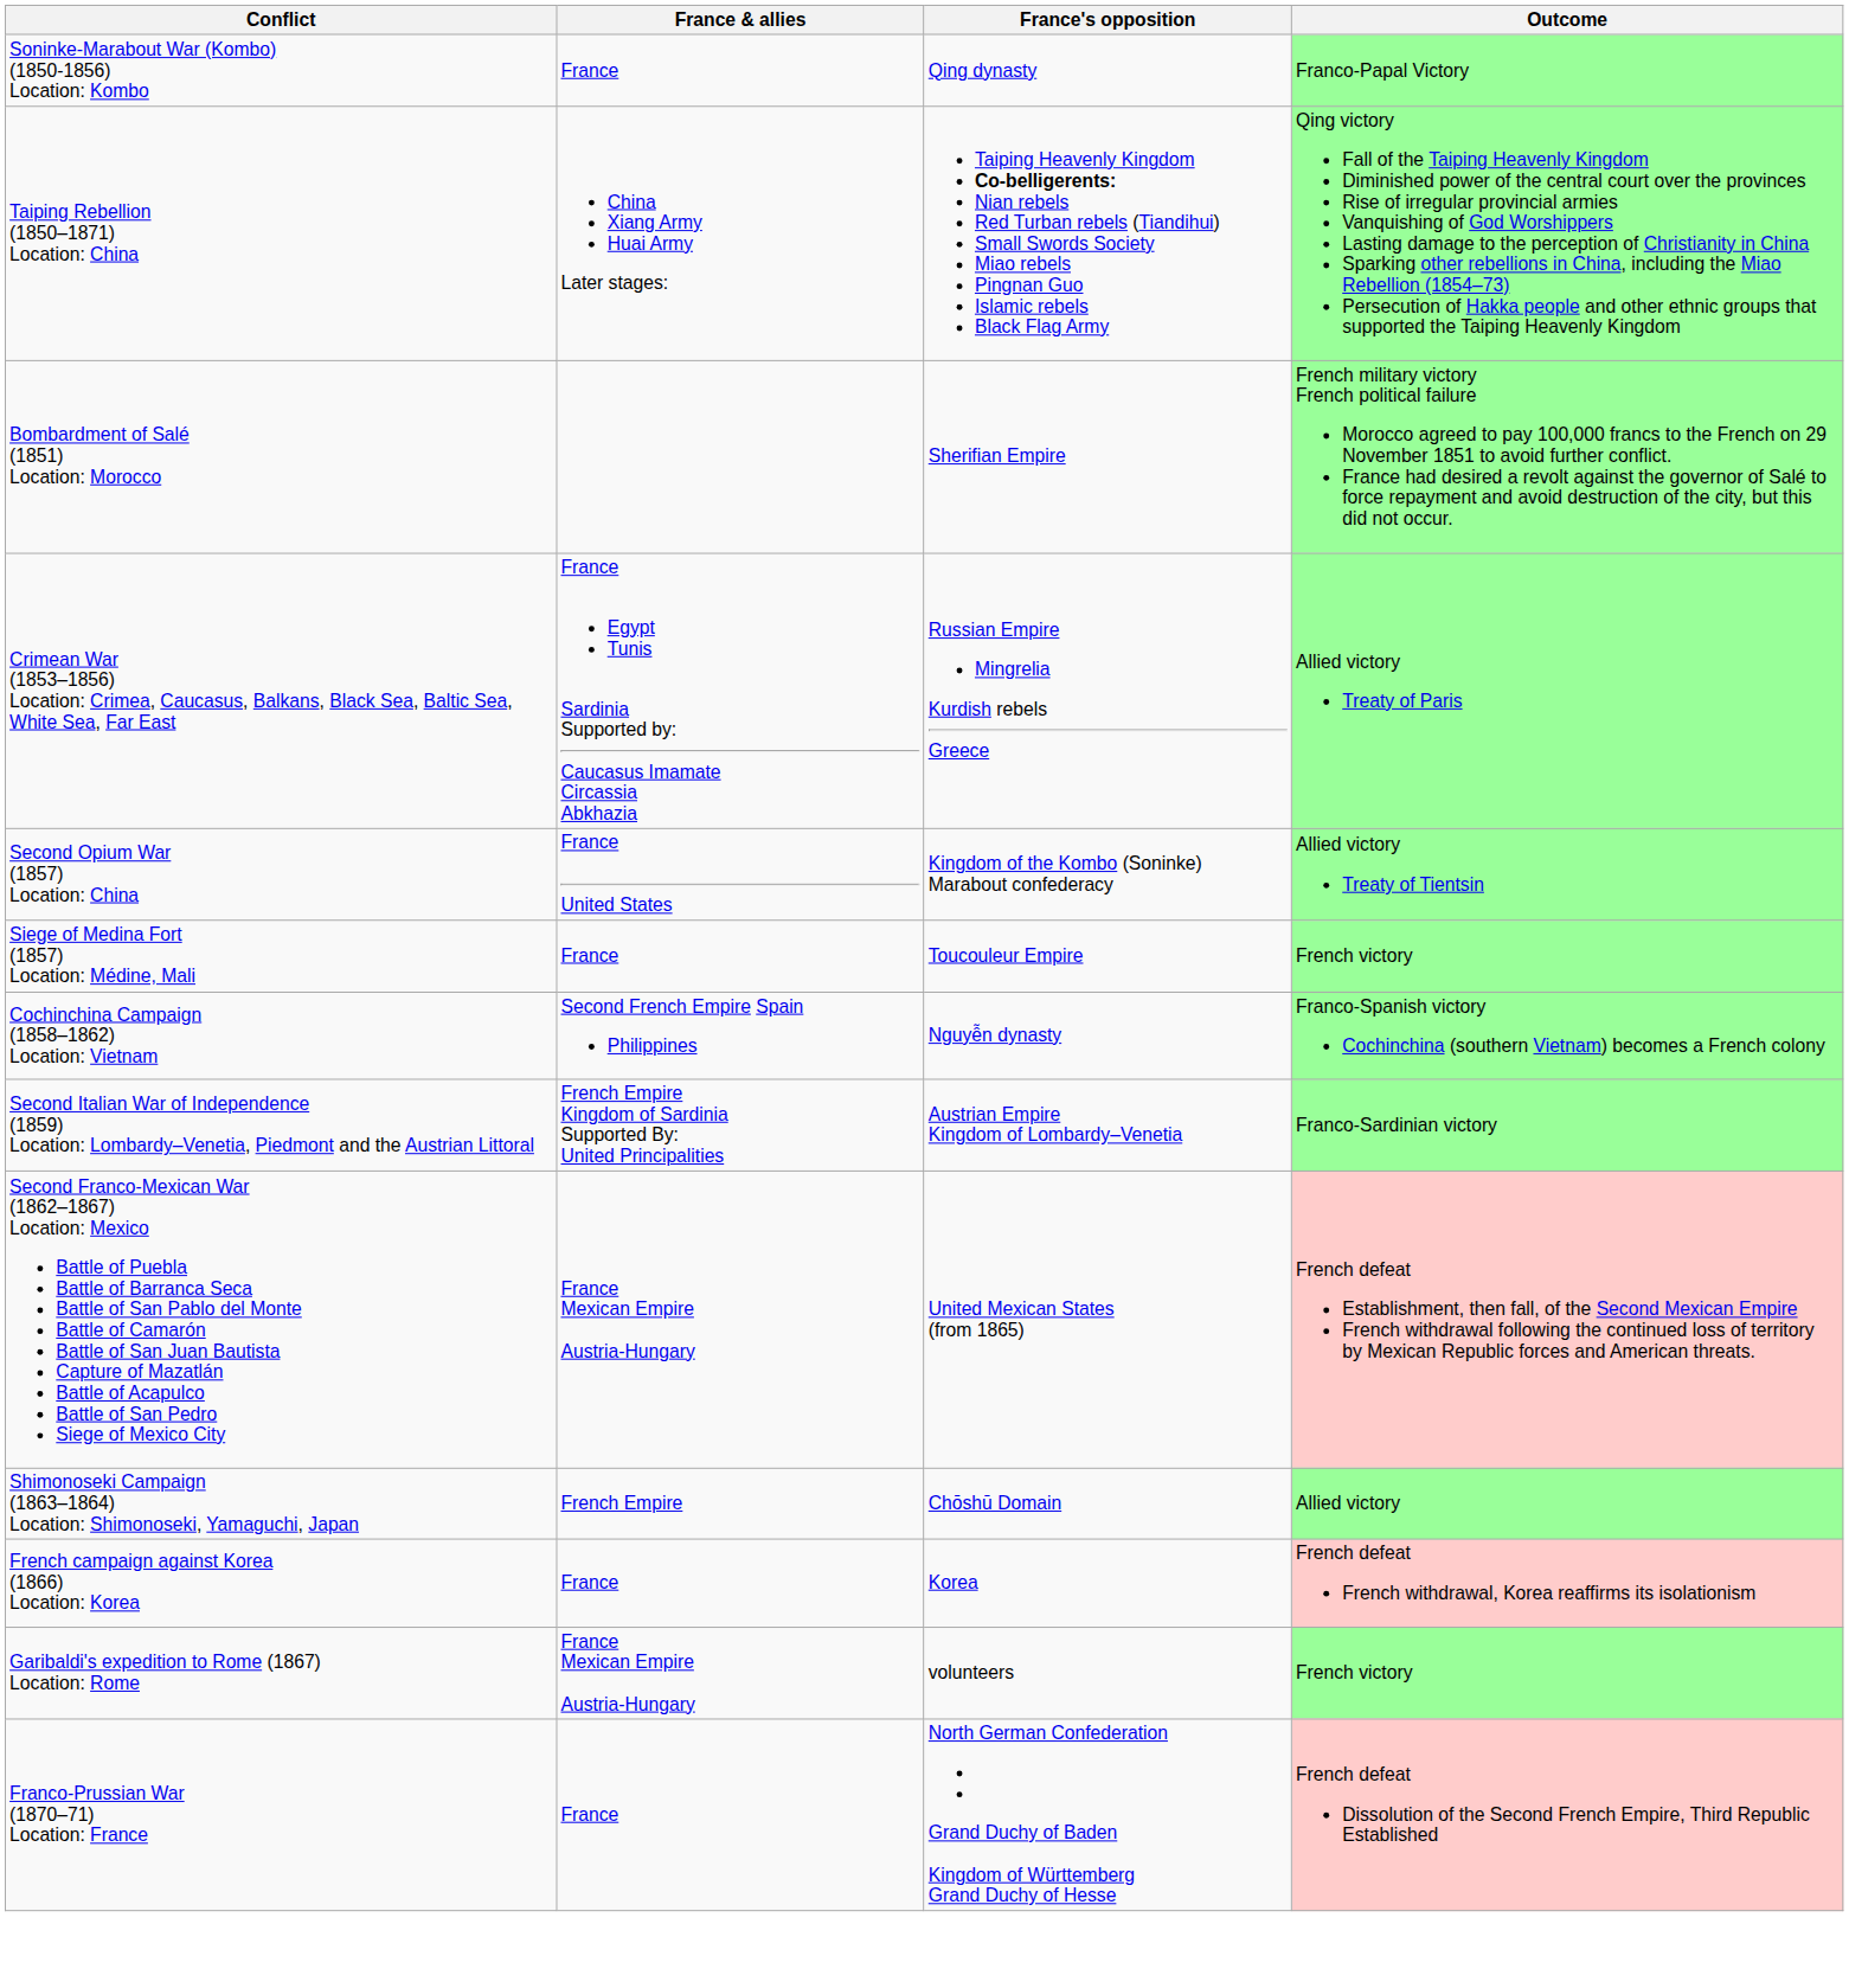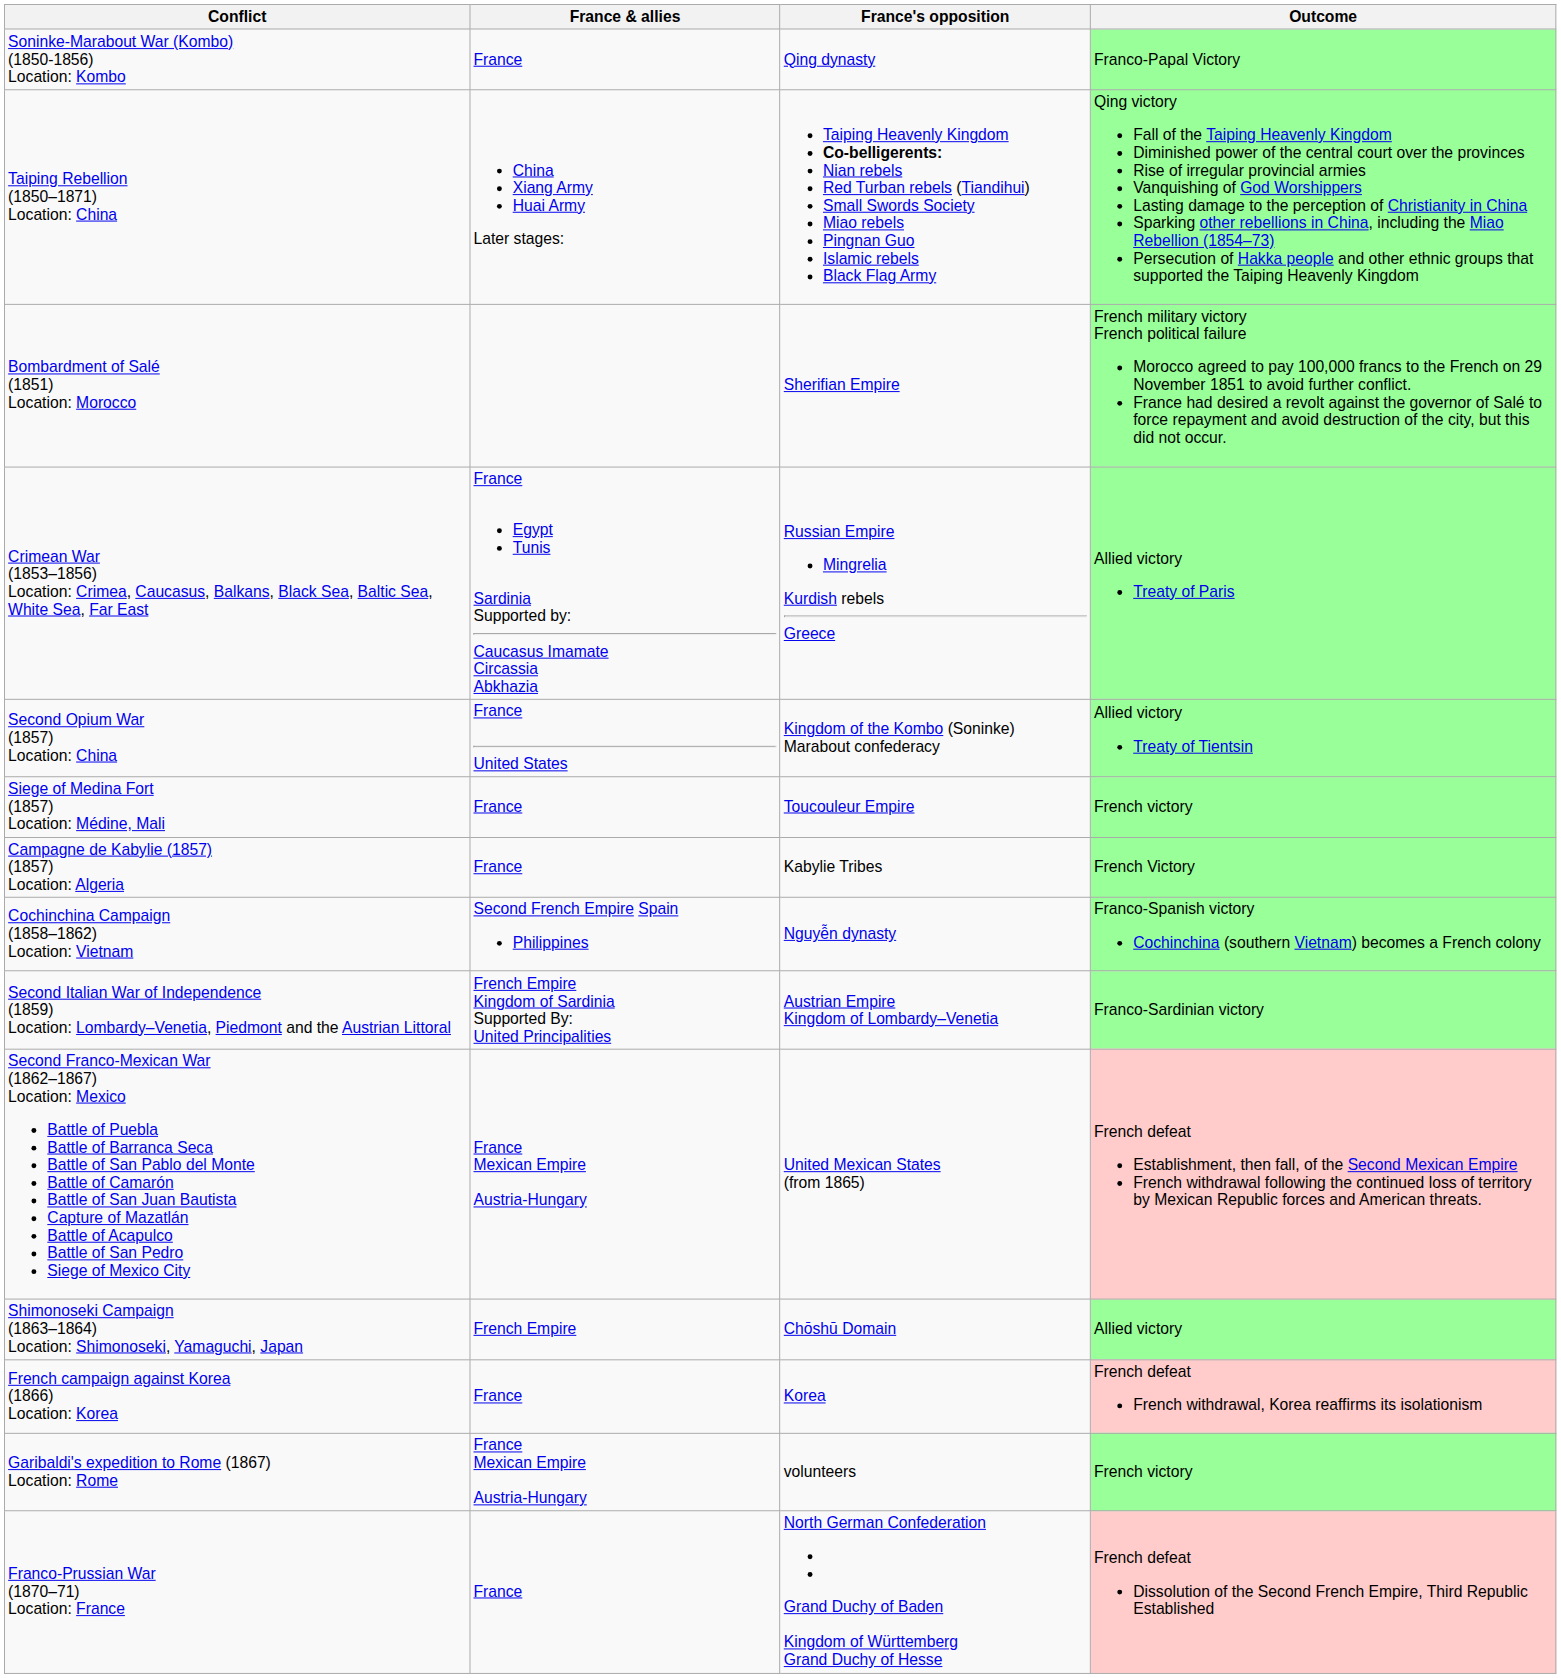 <table class="wikitable sortable" width="100%">
 <tr>
 <th width=30%>Conflict</th>
 <th width=20%>France & allies</th>
 <th width=20%>France's opposition</th>
 <th width=30%>Outcome</th>
 </tr>
 <tr>
 <td><a href='#'>Soninke-Marabout War (Kombo)</a><br>(1850-1856)<br>Location: <a href='#'>Kombo</a></td>
 <td> <a href='#'>France</a></td>
 <td> <a href='#'>Qing dynasty</a></td>
 <td style="background:#99ff99">Franco-Papal Victory</td>
 </tr>
 <tr>
 <td><a href='#'>Taiping Rebellion</a><br>(1850–1871)<br>Location: <a href='#'>China</a></td>
 <td><br><ul><li> <a href='#'>China</a></li><li><a href='#'>Xiang Army</a></li><li><a href='#'>Huai Army</a></li></ul>Later stages:<br> <br> </td>
 <td><br><ul><li><a href='#'>Taiping Heavenly Kingdom</a></li><li><strong>Co-belligerents:</strong></li><li><a href='#'>Nian rebels</a></li><li><a href='#'>Red Turban rebels</a> (<a href='#'>Tiandihui</a>)</li><li><a href='#'>Small Swords Society</a></li><li><a href='#'>Miao rebels</a></li><li><a href='#'>Pingnan Guo</a></li><li><a href='#'>Islamic rebels</a></li><li><a href='#'>Black Flag Army</a></li></ul></td>
 <td style="background:#99ff99">Qing victory<br><ul><li>Fall of the <a href='#'>Taiping Heavenly Kingdom</a></li><li>Diminished power of the central court over the provinces</li><li>Rise of irregular provincial armies</li><li>Vanquishing of <a href='#'>God Worshippers</a></li><li>Lasting damage to the perception of <a href='#'>Christianity in China</a></li><li>Sparking <a href='#'>other rebellions in China</a>, including the <a href='#'>Miao Rebellion (1854–73)</a></li><li>Persecution of <a href='#'>Hakka people</a> and other ethnic groups that supported the Taiping Heavenly Kingdom</li></ul></td>
 </tr>
 <tr>
 <td><a href='#'>Bombardment of Salé</a><br>(1851)<br>Location: <a href='#'>Morocco</a></td>
 <td></td>
 <td> <a href='#'>Sherifian Empire</a></td>
 <td style="background:#99ff99">French military victory<br>French political failure<br><ul><li>Morocco agreed to pay 100,000 francs to the French on 29 November 1851 to avoid further conflict.</li><li>France had desired a revolt against the governor of Salé to force repayment and avoid destruction of the city, but this did not occur.</li></ul></td>
 </tr>
 <tr>
 <td><a href='#'>Crimean War</a><br>(1853–1856)<br>Location: <a href='#'>Crimea</a>, <a href='#'>Caucasus</a>, <a href='#'>Balkans</a>, <a href='#'>Black Sea</a>, <a href='#'>Baltic Sea</a>, <a href='#'>White Sea</a>, <a href='#'>Far East</a></td>
 <td> <a href='#'>France</a><br><br><ul><li> <a href='#'>Egypt</a></li><li> <a href='#'>Tunis</a></li></ul><br> <a href='#'>Sardinia</a><br>Supported by:<br><hr> <a href='#'>Caucasus Imamate</a><br> <a href='#'>Circassia</a><br> <a href='#'>Abkhazia</a></td>
 <td> <a href='#'>Russian Empire</a><br><ul><li> <a href='#'>Mingrelia</a></li></ul><a href='#'>Kurdish</a> rebels<hr> <a href='#'>Greece</a></td>
 <td style="background:#99ff99">Allied victory<br><ul><li><a href='#'>Treaty of Paris</a></li></ul></td>
 </tr>
 <tr>
 <td><a href='#'>Second Opium War</a><br>(1857)<br>Location: <a href='#'>China</a></td>
 <td> <a href='#'>France</a><br><br><hr> <a href='#'>United States</a></td>
 <td><a href='#'>Kingdom of the Kombo</a> (Soninke)<br>Marabout confederacy</td>
 <td style="background:#99ff99">Allied victory<br><ul><li><a href='#'>Treaty of Tientsin</a></li></ul></td>
 </tr>
 <tr>
 <td><a href='#'>Siege of Medina Fort</a><br>(1857)<br>Location: <a href='#'>Médine, Mali</a></td>
 <td> <a href='#'>France</a></td>
 <td><a href='#'>Toucouleur Empire</a></td>
 <td style="background:#99ff99">French victory</td>
 </tr>
 <tr>
+<td><a href='#'>Campagne de Kabylie (1857)</a><br>(1857)<br>Location: <a href='#'>Algeria</a></td>
+<td> <a href='#'>France</a></td>
+<td>Kabylie Tribes</td>
+<td style="background:#99ff99">French Victory</td>
+</tr>
+<tr>
 <td><a href='#'>Cochinchina Campaign</a><br>(1858–1862)<br>Location: <a href='#'>Vietnam</a></td>
 <td> <a href='#'>Second French Empire</a>  <a href='#'>Spain</a><br><ul><li> <a href='#'>Philippines</a></li></ul></td>
 <td><a href='#'>Nguyễn dynasty</a></td>
 <td style="background:#99ff99">Franco-Spanish victory<br><ul><li><a href='#'>Cochinchina</a> (southern <a href='#'>Vietnam</a>) becomes a French colony</li></ul></td>
 </tr>
 <tr>
 <td><a href='#'>Second Italian War of Independence</a><br>(1859)<br>Location: <a href='#'>Lombardy–Venetia</a>, <a href='#'>Piedmont</a> and the <a href='#'>Austrian Littoral</a></td>
 <td> <a href='#'>French Empire</a><br> <a href='#'>Kingdom of Sardinia</a><br>Supported By:<br> <a href='#'>United Principalities</a></td>
 <td> <a href='#'>Austrian Empire</a><br> <a href='#'>Kingdom of Lombardy–Venetia</a></td>
 <td style="background:#99ff99">Franco-Sardinian victory</td>
 </tr>
 <tr>
 <td><a href='#'>Second Franco-Mexican War</a><br>(1862–1867)<br>Location: <a href='#'>Mexico</a><ul><li><a href='#'>Battle of Puebla</a></li><li><a href='#'>Battle of Barranca Seca</a></li><li><a href='#'>Battle of San Pablo del Monte</a></li><li><a href='#'>Battle of Camarón</a></li><li><a href='#'>Battle of San Juan Bautista</a></li><li><a href='#'>Capture of Mazatlán</a></li><li><a href='#'>Battle of Acapulco</a></li><li><a href='#'>Battle of San Pedro</a></li><li><a href='#'>Siege of Mexico City</a></li></ul></td>
 <td> <a href='#'>France</a><br> <a href='#'>Mexican Empire</a><br><br> <a href='#'> Austria-Hungary</a></td>
 <td> <a href='#'>United Mexican States</a><br> (from 1865)</td>
 <td style="background:#FFCCCB">French defeat<br><ul><li>Establishment, then fall, of the <a href='#'>Second Mexican Empire</a></li><li>French withdrawal following the continued loss of territory by Mexican Republic forces and American threats.</li></ul></td>
 </tr>
 <tr>
 <td><a href='#'>Shimonoseki Campaign</a><br>(1863–1864)<br>Location: <a href='#'>Shimonoseki</a>, <a href='#'>Yamaguchi</a>, <a href='#'>Japan</a></td>
 <td><br> <a href='#'>French Empire</a><br><br></td>
 <td> <a href='#'>Chōshū Domain</a></td>
 <td style="background:#99ff99">Allied victory</td>
 </tr>
 <tr>
 <td><a href='#'>French campaign against Korea</a><br>(1866)<br>Location: <a href='#'>Korea</a></td>
 <td> <a href='#'>France</a></td>
 <td> <a href='#'>Korea</a></td>
 <td style="background:#FFCCCB">French defeat<br><ul><li>French withdrawal, Korea reaffirms its isolationism</li></ul></td>
 </tr>
 <tr>
 <td><a href='#'>Garibaldi's expedition to Rome</a> (1867)<br>Location: <a href='#'>Rome</a></td>
 <td> <a href='#'>France</a><br> <a href='#'>Mexican Empire</a><br><br> <a href='#'> Austria-Hungary</a></td>
 <td> volunteers</td>
 <td style="background:#99ff99">French victory</td>
 </tr>
 <tr>
 <td><a href='#'>Franco-Prussian War</a><br>(1870–71)<br>Location: <a href='#'>France</a></td>
 <td> <a href='#'>France</a></td>
 <td> <a href='#'>North German Confederation</a><br><ul><li></li><li></li></ul> <a href='#'>Grand Duchy of Baden</a><br><br> <a href='#'>Kingdom of Württemberg</a><br> <a href='#'>Grand Duchy of Hesse</a></td>
 <td style="background:#FFCCCB">French defeat<br><ul><li>Dissolution of the Second French Empire, Third Republic Established</li></ul></td>
 </tr>
 </table>
